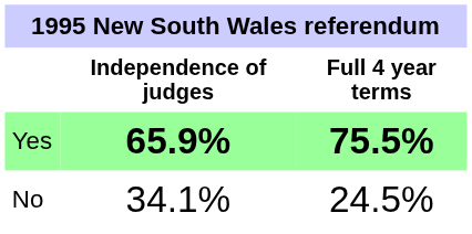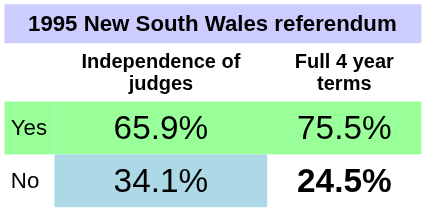 <table class="toccolours" align="right" cellpadding="5" cellspacing="0" style="margin: .4em;" width="300">
 <tr>
 <td colspan=6 align=center></td>
 </tr>
 <tr bgcolor="#ccccff">
 <td colspan="6" align="center"><strong>1995 New South Wales referendum</strong></td>
 </tr>
 <tr style="font-size: 90%;">
 <th align="left"></th>
 <th align="center">Independence of judges</th>
 <th align="center">Full 4 year terms</th>
 </tr>
 <tr bgcolor="#9F9">
 <td>Yes</td>
-<td align="center" style="font-size: 150%;"><strong>65.9%</strong></td>
-<td align="center" style="font-size: 150%;"><strong>75.5%</strong></td>
+<td align="center" style="font-size: 150%;">65.9%</td>
+<td align="center" style="font-size: 150%;">75.5%</td>
 </tr>
 <tr>
 <td>No</td>
-<td align="center" style="font-size: 150%">34.1%</td>
-<td align="center" style="font-size: 150%">24.5%</td>
+<td align="center" style="background: lightblue; font-size: 150%">34.1%</td>
+<td align="center" style="font-size: 150%"><strong>24.5%</strong></td>
 </tr>
 </table>
